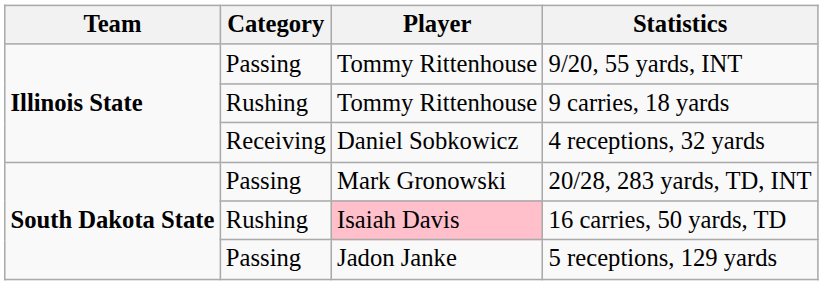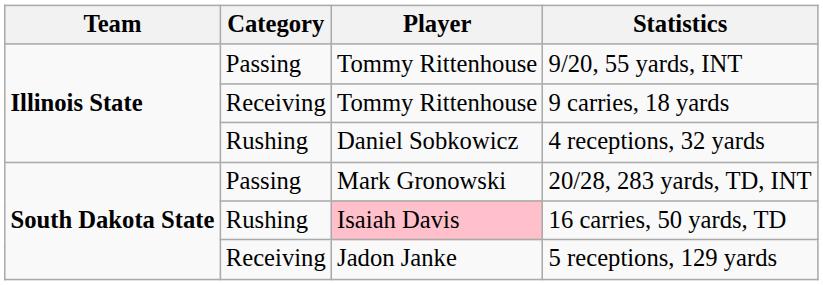 <table class="wikitable" style="float: left;">
 <tr>
 <th>Team</th>
 <th>Category</th>
 <th>Player</th>
 <th>Statistics</th>
 </tr>
 <tr>
 <td rowspan=3><strong>Illinois State</strong></td>
 <td>Passing</td>
 <td>Tommy Rittenhouse</td>
 <td>9/20, 55 yards, INT</td>
 </tr>
 <tr>
-<td>Rushing</td>
+<td>Receiving</td>
 <td>Tommy Rittenhouse</td>
 <td>9 carries, 18 yards</td>
 </tr>
 <tr>
-<td>Receiving</td>
+<td>Rushing</td>
 <td>Daniel Sobkowicz</td>
 <td>4 receptions, 32 yards</td>
 </tr>
 <tr>
 <td rowspan=3><strong>South Dakota State</strong></td>
 <td>Passing</td>
 <td>Mark Gronowski</td>
 <td>20/28, 283 yards, TD, INT</td>
 </tr>
 <tr>
 <td>Rushing</td>
 <td style="background: pink;">Isaiah Davis</td>
 <td>16 carries, 50 yards, TD</td>
 </tr>
 <tr>
-<td>Passing</td>
+<td>Receiving</td>
 <td>Jadon Janke</td>
 <td>5 receptions, 129 yards</td>
 </tr>
 </table>
